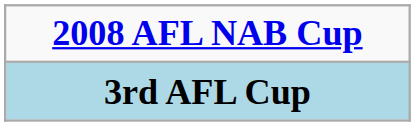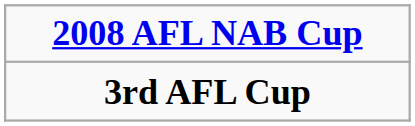 <table class="wikitable"  style="width:180px; text-align:center; float:left; margin-right:1em">
 <tr>
 <td><strong><a href='#'>2008 AFL NAB Cup</a></strong></td>
 </tr>
 <tr>
-<td style="background: lightblue;"><strong>3rd AFL Cup</strong></td>
+<td><strong>3rd AFL Cup</strong></td>
 </tr>
 </table>
